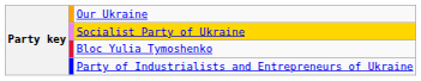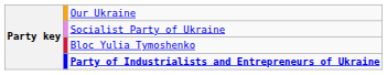 <table class=wikitable>
 <tr>
 <th rowspan=4>Party key</th>
 <td style="background:orange"></td>
 <td><a href='#'>Our Ukraine</a></td>
 </tr>
 <tr>
 <td style="background:violet"></td>
-<td style="background: gold;"><a href='#'>Socialist Party of Ukraine</a></td>
+<td><a href='#'>Socialist Party of Ukraine</a></td>
 </tr>
 <tr>
 <td style="background:crimson"></td>
 <td><a href='#'>Bloc Yulia Tymoshenko</a></td>
 </tr>
 <tr>
 <td style="background:blue"></td>
-<td><a href='#'>Party of Industrialists and Entrepreneurs of Ukraine</a></td>
+<td><strong><a href='#'>Party of Industrialists and Entrepreneurs of Ukraine</a></strong></td>
 </tr>
 </table>
